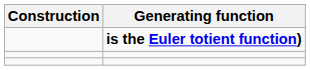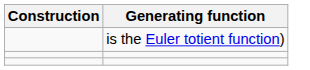 <table class="wikitable">
 <tr>
 <th>Construction</th>
 <th>Generating function</th>
 </tr>
 <tr>
 <td></td>
-<td><strong> is the <a href='#'>Euler totient function</a>)</strong></td>
+<td> is the <a href='#'>Euler totient function</a>)</td>
 </tr>
 <tr>
 <td></td>
 <td></td>
 </tr>
 <tr>
 <td></td>
 <td></td>
 </tr>
 </table>
